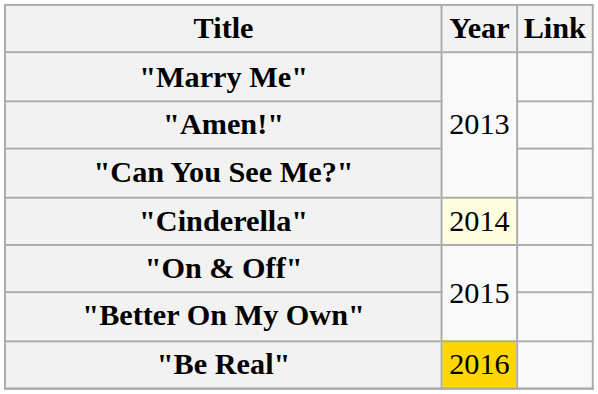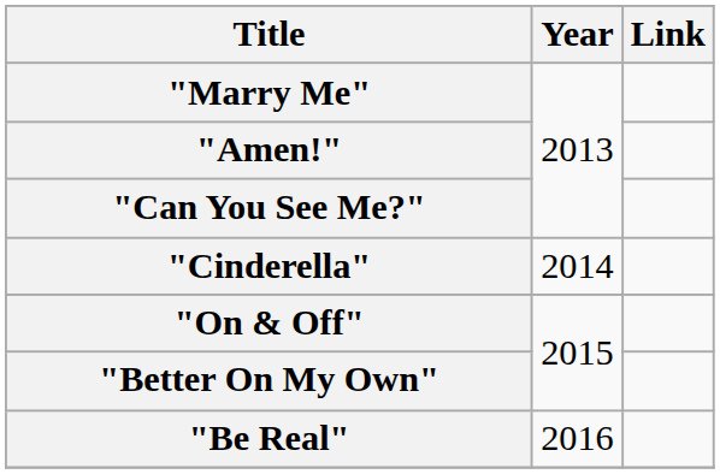 <table class="wikitable plainrowheaders" style="text-align:center;">
 <tr>
 <th scope="col" style="width:14em;">Title</th>
 <th scope="col" style="width:1em;">Year</th>
 <th scope="col">Link</th>
 </tr>
 <tr>
 <th scope="row">"Marry Me"</th>
 <td rowspan="3">2013</td>
 <td></td>
 </tr>
 <tr>
 <th scope="row">"Amen!"</th>
 <td></td>
 </tr>
 <tr>
 <th scope="row">"Can You See Me?"</th>
 <td></td>
 </tr>
 <tr>
 <th scope="row">"Cinderella"</th>
-<td style="background: lightyellow;">2014</td>
+<td>2014</td>
 <td></td>
 </tr>
 <tr>
 <th scope="row">"On & Off"</th>
 <td rowspan="2">2015</td>
 <td></td>
 </tr>
 <tr>
 <th scope="row">"Better On My Own"</th>
 <td></td>
 </tr>
 <tr>
 <th scope="row">"Be Real"</th>
-<td style="background: gold;">2016</td>
+<td>2016</td>
 <td></td>
 </tr>
 <tr>
 </tr>
 </table>
